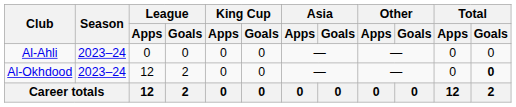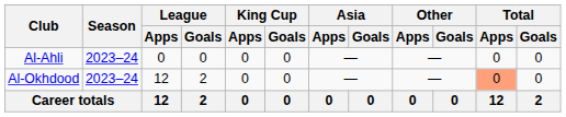 <table class="wikitable" style="text-align: center">
 <tr>
 <th rowspan=2>Club</th>
 <th rowspan=2>Season</th>
 <th colspan=2>League</th>
 <th colspan=2>King Cup</th>
 <th colspan=2>Asia</th>
 <th colspan=2>Other</th>
 <th colspan=2>Total</th>
 </tr>
 <tr>
 <th>Apps</th>
 <th>Goals</th>
 <th>Apps</th>
 <th>Goals</th>
 <th>Apps</th>
 <th>Goals</th>
 <th>Apps</th>
 <th>Goals</th>
 <th>Apps</th>
 <th>Goals</th>
 </tr>
 <tr>
 <td rowspan=1><a href='#'>Al-Ahli</a></td>
 <td><a href='#'>2023–24</a></td>
 <td>0</td>
 <td>0</td>
 <td>0</td>
 <td>0</td>
 <td colspan=2>—</td>
 <td colspan=2>—</td>
 <td>0</td>
 <td>0</td>
 </tr>
 <tr>
 <td rowspan=1><a href='#'>Al-Okhdood</a></td>
 <td><a href='#'>2023–24</a></td>
 <td>12</td>
 <td>2</td>
 <td>0</td>
 <td>0</td>
 <td colspan=2>—</td>
 <td colspan=2>—</td>
+<td style="background: lightsalmon;">0</td>
 <td>0</td>
-<td><strong>0</strong></td>
 </tr>
 <tr>
 <th colspan=2>Career totals</th>
 <th>12</th>
 <th>2</th>
 <th>0</th>
 <th>0</th>
 <th>0</th>
 <th>0</th>
 <th>0</th>
 <th>0</th>
 <th>12</th>
 <th>2</th>
 </tr>
 </table>
